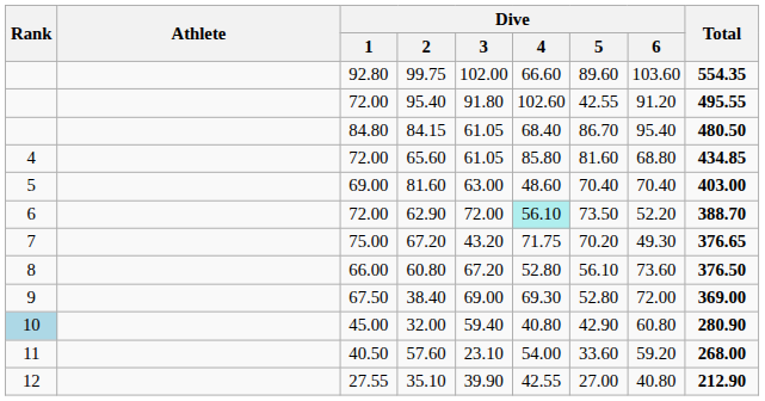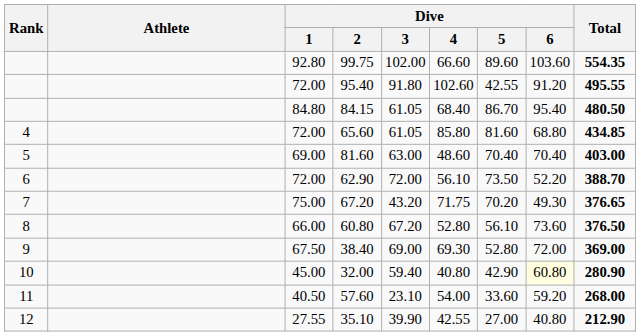 <table class=wikitable style="text-align:center">
 <tr>
 <th rowspan="2" width=40>Rank</th>
 <th rowspan="2" width=250>Athlete</th>
 <th colspan="6">Dive</th>
 <th rowspan="2" width=60>Total</th>
 </tr>
 <tr>
 <th width=45>1</th>
 <th width=45>2</th>
 <th width=45>3</th>
 <th width=45>4</th>
 <th width=45>5</th>
 <th width=45>6</th>
 </tr>
 <tr>
 <td></td>
 <td align=left></td>
 <td>92.80</td>
 <td>99.75</td>
 <td>102.00</td>
 <td>66.60</td>
 <td>89.60</td>
 <td>103.60</td>
 <td><strong>554.35</strong></td>
 </tr>
 <tr>
 <td></td>
 <td align=left></td>
 <td>72.00</td>
 <td>95.40</td>
 <td>91.80</td>
 <td>102.60</td>
 <td>42.55</td>
 <td>91.20</td>
 <td><strong>495.55</strong></td>
 </tr>
 <tr>
 <td></td>
 <td align=left></td>
 <td>84.80</td>
 <td>84.15</td>
 <td>61.05</td>
 <td>68.40</td>
 <td>86.70</td>
 <td>95.40</td>
 <td><strong>480.50</strong></td>
 </tr>
 <tr>
 <td>4</td>
 <td align=left></td>
 <td>72.00</td>
 <td>65.60</td>
 <td>61.05</td>
 <td>85.80</td>
 <td>81.60</td>
 <td>68.80</td>
 <td><strong>434.85</strong></td>
 </tr>
 <tr>
 <td>5</td>
 <td align=left></td>
 <td>69.00</td>
 <td>81.60</td>
 <td>63.00</td>
 <td>48.60</td>
 <td>70.40</td>
 <td>70.40</td>
 <td><strong>403.00</strong></td>
 </tr>
 <tr>
 <td>6</td>
 <td align=left></td>
 <td>72.00</td>
 <td>62.90</td>
 <td>72.00</td>
-<td style="background: paleturquoise;">56.10</td>
+<td>56.10</td>
 <td>73.50</td>
 <td>52.20</td>
 <td><strong>388.70</strong></td>
 </tr>
 <tr>
 <td>7</td>
 <td align=left></td>
 <td>75.00</td>
 <td>67.20</td>
 <td>43.20</td>
 <td>71.75</td>
 <td>70.20</td>
 <td>49.30</td>
 <td><strong>376.65</strong></td>
 </tr>
 <tr>
 <td>8</td>
 <td align=left></td>
 <td>66.00</td>
 <td>60.80</td>
 <td>67.20</td>
 <td>52.80</td>
 <td>56.10</td>
 <td>73.60</td>
 <td><strong>376.50</strong></td>
 </tr>
 <tr>
 <td>9</td>
 <td align=left></td>
 <td>67.50</td>
 <td>38.40</td>
 <td>69.00</td>
 <td>69.30</td>
 <td>52.80</td>
 <td>72.00</td>
 <td><strong>369.00</strong></td>
 </tr>
 <tr>
-<td style="background: lightblue;">10</td>
+<td>10</td>
 <td align=left></td>
 <td>45.00</td>
 <td>32.00</td>
 <td>59.40</td>
 <td>40.80</td>
 <td>42.90</td>
-<td>60.80</td>
+<td style="background: lightyellow;">60.80</td>
 <td><strong>280.90</strong></td>
 </tr>
 <tr>
 <td>11</td>
 <td align=left></td>
 <td>40.50</td>
 <td>57.60</td>
 <td>23.10</td>
 <td>54.00</td>
 <td>33.60</td>
 <td>59.20</td>
 <td><strong>268.00</strong></td>
 </tr>
 <tr>
 <td>12</td>
 <td align=left></td>
 <td>27.55</td>
 <td>35.10</td>
 <td>39.90</td>
 <td>42.55</td>
 <td>27.00</td>
 <td>40.80</td>
 <td><strong>212.90</strong></td>
 </tr>
 </table>
